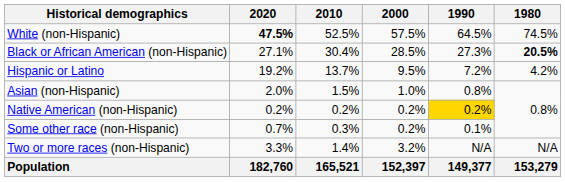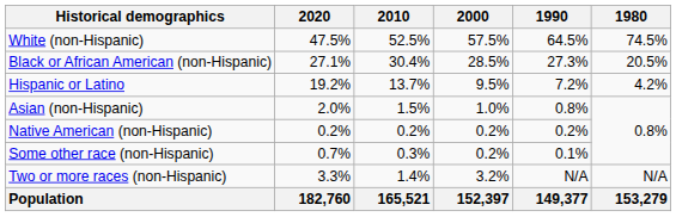 <table class="wikitable" style="font-size: 90%; text-align: right;">
 <tr>
 <th>Historical demographics</th>
 <th style="width: 5em;">2020</th>
 <th style="width: 5em;">2010</th>
 <th style="width: 5em;">2000</th>
 <th style="width: 5em;">1990</th>
 <th style="width: 5em;">1980</th>
 </tr>
 <tr>
 <td style="text-align:left"><a href='#'>White</a> (non-Hispanic)</td>
-<td><strong>47.5%</strong></td>
+<td>47.5%</td>
 <td>52.5%</td>
 <td>57.5%</td>
 <td>64.5%</td>
 <td>74.5%</td>
 </tr>
 <tr>
 <td style="text-align:left"><a href='#'>Black or African American</a> (non-Hispanic)</td>
 <td>27.1%</td>
 <td>30.4%</td>
 <td>28.5%</td>
 <td>27.3%</td>
-<td><strong>20.5%</strong></td>
+<td>20.5%</td>
 </tr>
 <tr>
 <td style="text-align:left"><a href='#'>Hispanic or Latino</a></td>
 <td>19.2%</td>
 <td>13.7%</td>
 <td>9.5%</td>
 <td>7.2%</td>
 <td>4.2%</td>
 </tr>
 <tr>
 <td style="text-align:left"><a href='#'>Asian</a> (non-Hispanic)</td>
 <td>2.0%</td>
 <td>1.5%</td>
 <td>1.0%</td>
 <td>0.8%</td>
 <td rowspan="3">0.8%</td>
 </tr>
 <tr>
 <td style="text-align:left"><a href='#'>Native American</a> (non-Hispanic)</td>
 <td>0.2%</td>
 <td>0.2%</td>
 <td>0.2%</td>
-<td style="background: gold;">0.2%</td>
+<td>0.2%</td>
 </tr>
 <tr>
 <td style="text-align:left"><a href='#'>Some other race</a> (non-Hispanic)</td>
 <td>0.7%</td>
 <td>0.3%</td>
 <td>0.2%</td>
 <td>0.1%</td>
 </tr>
 <tr>
 <td style="text-align:left"><a href='#'>Two or more races</a> (non-Hispanic)</td>
 <td>3.3%</td>
 <td>1.4%</td>
 <td>3.2%</td>
 <td>N/A</td>
 <td>N/A</td>
 </tr>
 <tr>
 <th style="text-align:left">Population</th>
 <th style="text-align:right">182,760</th>
 <th style="text-align:right">165,521</th>
 <th style="text-align:right">152,397</th>
 <th style="text-align:right">149,377</th>
 <th style="text-align:right">153,279</th>
 </tr>
 </table>
